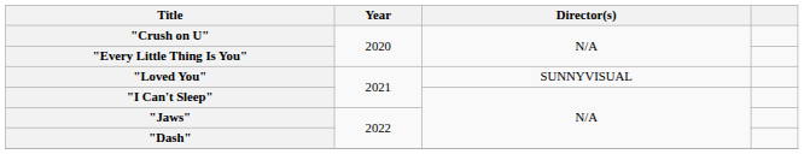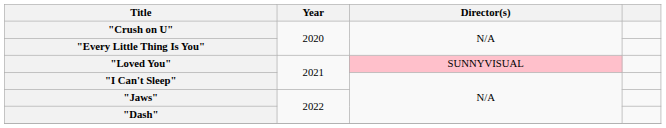 <table class="wikitable plainrowheaders" style="text-align:center;">
 <tr>
 <th scope="col" width="400">Title</th>
 <th scope="col" width="100">Year</th>
 <th scope="col" width="400">Director(s)</th>
 <th scope="col" width="50"></th>
 </tr>
 <tr>
 <th scope="row">"Crush on U"</th>
 <td rowspan="2">2020</td>
 <td rowspan="2">N/A</td>
 <td></td>
 </tr>
 <tr>
 <th scope="row">"Every Little Thing Is You"</th>
 <td></td>
 </tr>
 <tr>
 <th scope="row">"Loved You"</th>
 <td rowspan="2">2021</td>
-<td>SUNNYVISUAL</td>
+<td style="background: pink;">SUNNYVISUAL</td>
 <td></td>
 </tr>
 <tr>
 <th scope="row">"I Can't Sleep"</th>
 <td rowspan="3">N/A</td>
 <td></td>
 </tr>
 <tr>
 <th scope="row">"Jaws"</th>
 <td rowspan="2">2022</td>
 <td></td>
 </tr>
 <tr>
 <th scope="row">"Dash"</th>
 <td></td>
 </tr>
 <tr>
 </tr>
 </table>
